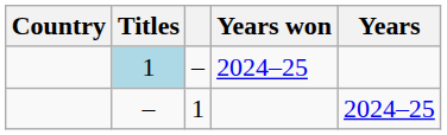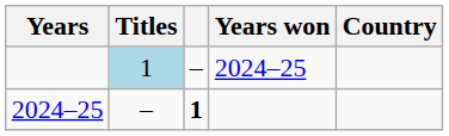 <table class="wikitable sortable" style="text-align: center;">
 <tr>
-<th>Country</th>
+<th>Years </th>
 <th>Titles</th>
 <th></th>
 <th>Years won</th>
-<th>Years </th>
+<th>Country</th>
 </tr>
 <tr>
-<td align=left></td>
+<td></td>
 <td style="background: lightblue;">1</td>
 <td>–</td>
 <td align=left><a href='#'>2024–25</a></td>
-<td></td>
+<td align=left></td>
 </tr>
 <tr>
+<td align=left><a href='#'>2024–25</a></td>
+<td>–</td>
+<td><strong>1</strong></td>
+<td></td>
 <td align=left></td>
-<td>–</td>
-<td>1</td>
-<td></td>
-<td align=left><a href='#'>2024–25</a></td>
 </tr>
 </table>
